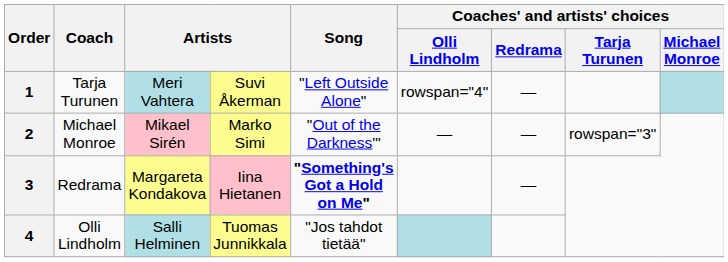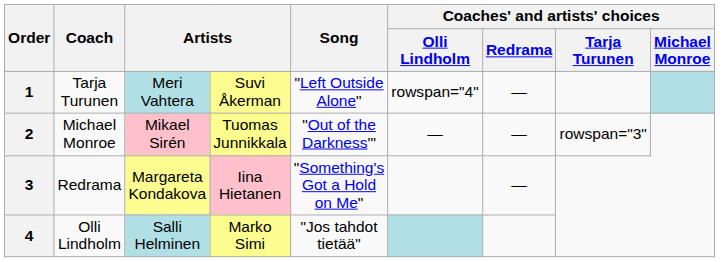 <table class="wikitable" style="text-align:center; width:100%;">
 <tr>
 <th scope="col" style="width:05%;" rowspan=2>Order</th>
 <th scope="col" style="width:14%;" rowspan=2>Coach</th>
 <th scope="col" style="width:24%;" colspan=2 rowspan=2>Artists</th>
 <th scope="col" style="width:21%;" rowspan=2>Song</th>
 <th scope="col" style="width:36%;" colspan=4>Coaches' and artists' choices</th>
 </tr>
 <tr>
 <th style="width:09%;"><a href='#'>Olli Lindholm</a></th>
 <th style="width:09%;"><a href='#'>Redrama</a></th>
 <th style="width:09%;"><a href='#'>Tarja Turunen</a></th>
 <th style="width:09%;"><a href='#'>Michael Monroe</a></th>
 </tr>
 <tr>
 <th scope="col">1</th>
 <td>Tarja Turunen</td>
 <td style="background:#B0E0E6; text-align:center;">Meri Vahtera</td>
 <td style="background:#fdfc8f; text-align:center;">Suvi Åkerman</td>
 <td>"<a href='#'>Left Outside Alone</a>"</td>
 <td>rowspan="4" </td>
 <td>—</td>
 <td></td>
 <td style="background:#b0e0e6;"><strong></strong></td>
 </tr>
 <tr>
 <th scope="col">2</th>
 <td>Michael Monroe</td>
 <td style="background:pink; text-align:center;">Mikael Sirén</td>
-<td style="background:#fdfc8f; text-align:center;">Marko Simi</td>
+<td style="background:#fdfc8f; text-align:center;">Tuomas Junnikkala</td>
 <td>"<a href='#'>Out of the Darkness</a>'"</td>
 <td>—</td>
 <td>—</td>
 <td>rowspan="3" </td>
 </tr>
 <tr>
 <th scope="col">3</th>
 <td>Redrama</td>
 <td style="background:#fdfc8f; text-align:center;">Margareta Kondakova</td>
 <td style="background:pink; text-align:center;">Iina Hietanen</td>
-<td><strong>"<a href='#'>Something's Got a Hold on Me</a>"</strong></td>
+<td>"<a href='#'>Something's Got a Hold on Me</a>"</td>
 <td></td>
 <td>—</td>
 </tr>
 <tr>
 <th scope="col">4</th>
 <td>Olli Lindholm</td>
 <td style="background:#B0E0E6; text-align:center;">Salli Helminen</td>
-<td style="background:#fdfc8f; text-align:center;">Tuomas Junnikkala</td>
+<td style="background:#fdfc8f; text-align:center;">Marko Simi</td>
 <td>"Jos tahdot tietää"</td>
 <td style="background:#b0e0e6;"><strong></strong></td>
 <td><strong></strong></td>
 </tr>
 </table>
